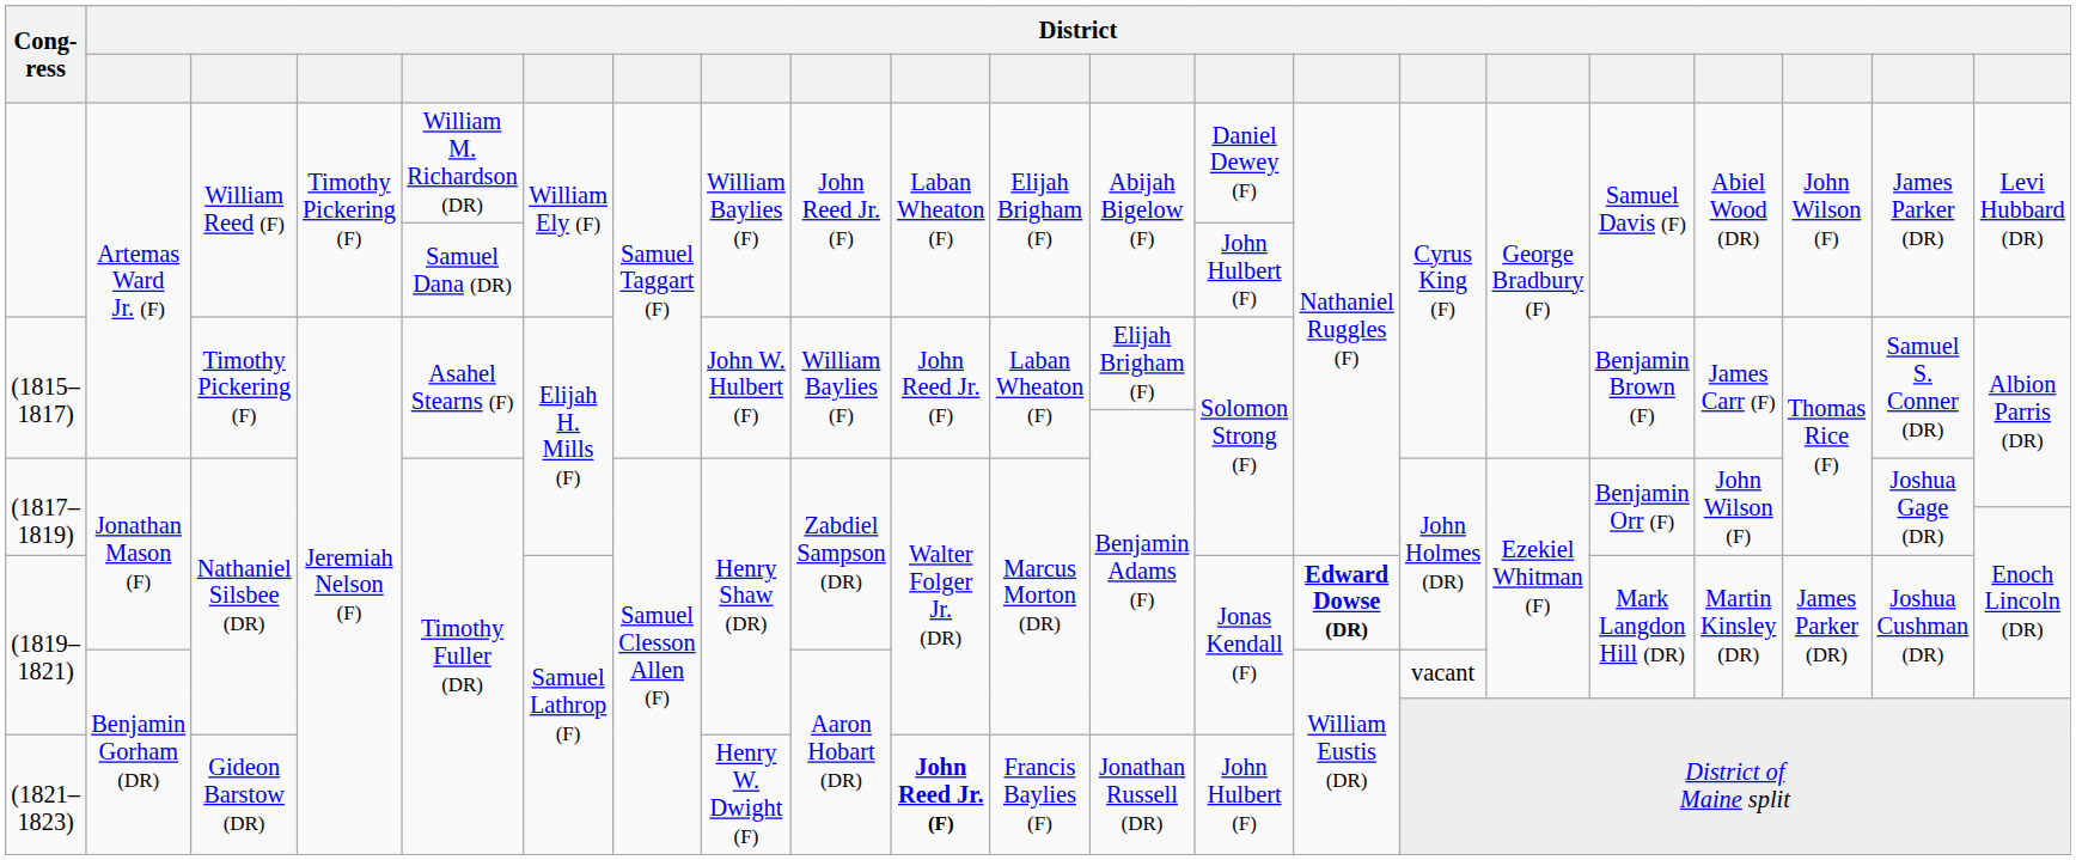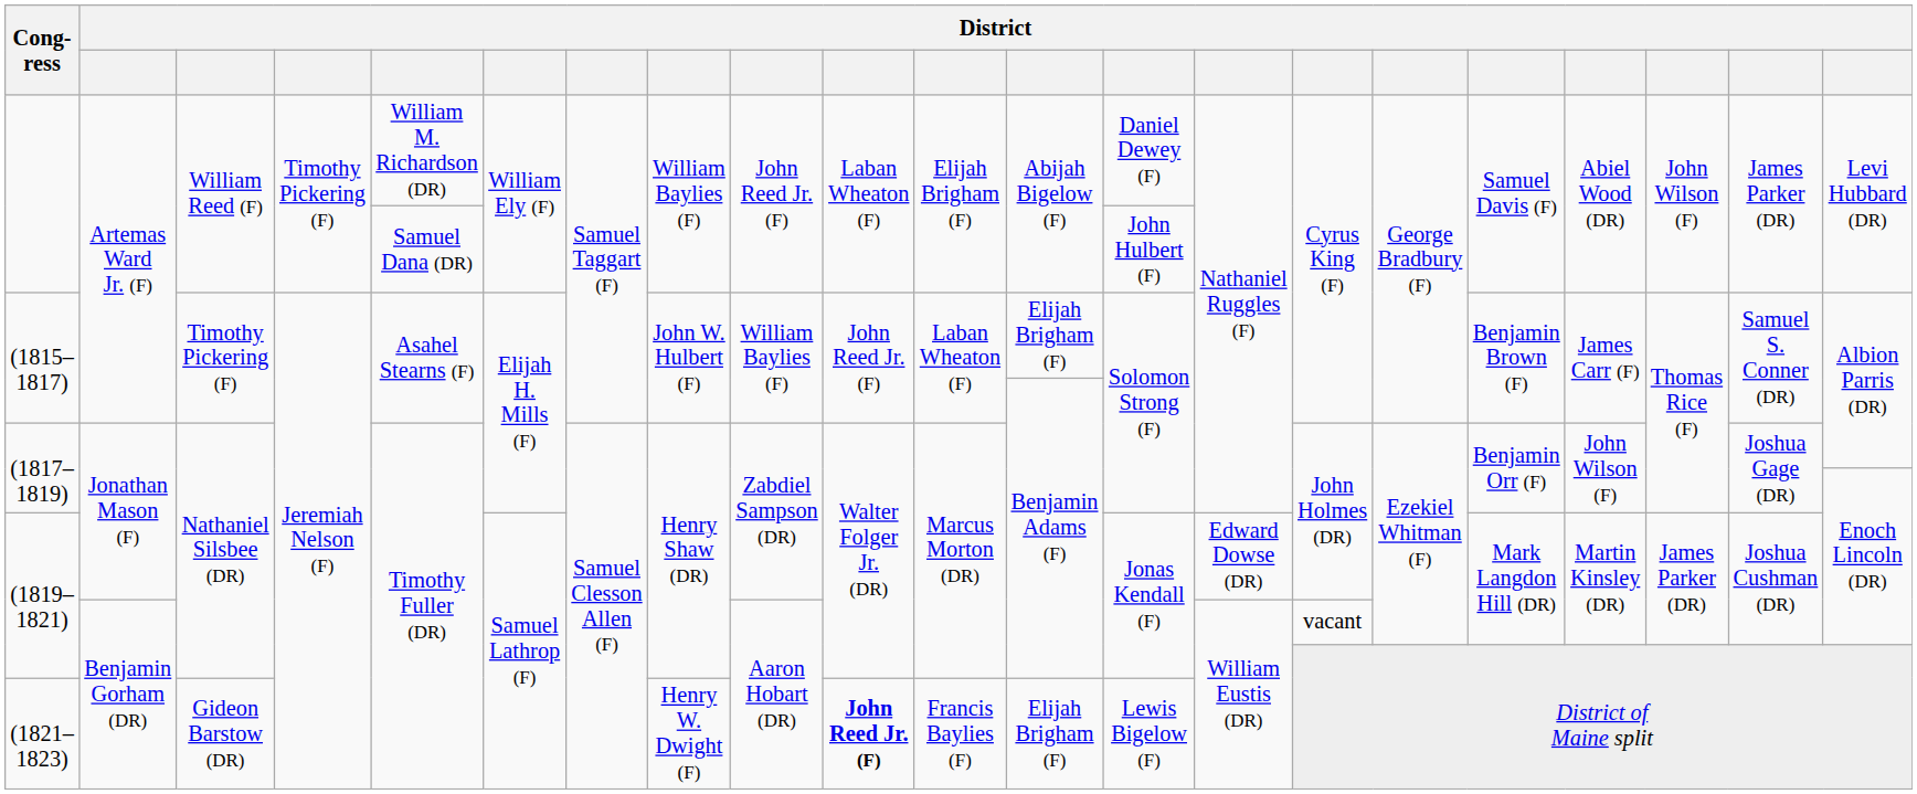 <table class=wikitable style="text-align:center">
 <tr style="height:2em">
 <th rowspan=2>Cong­ress</th>
 <th colspan=20>District</th>
 </tr>
 <tr style="height:2em">
 <th></th>
 <th></th>
 <th></th>
 <th></th>
 <th></th>
 <th></th>
 <th></th>
 <th></th>
 <th></th>
 <th></th>
 <th></th>
 <th></th>
 <th></th>
 <th></th>
 <th></th>
 <th></th>
 <th></th>
 <th></th>
 <th></th>
 <th></th>
 </tr>
 <tr style="height:2em">
 <td scope=row rowspan=2><strong></strong><br></td>
 <td rowspan=4 ><a href='#'>Artemas<br>Ward<br>Jr.</a> <small>(F)</small></td>
 <td rowspan=2 ><a href='#'>William<br>Reed</a> <small>(F)</small></td>
 <td rowspan=2 ><a href='#'>Timothy<br>Pickering</a><br><small>(F)</small></td>
 <td><a href='#'>William M.<br>Richardson</a> <small>(DR)</small></td>
 <td rowspan=2 ><a href='#'>William<br>Ely</a> <small>(F)</small></td>
 <td rowspan=4 ><a href='#'>Samuel<br>Taggart</a><br><small>(F)</small></td>
 <td rowspan=2 ><a href='#'>William<br>Baylies</a><br><small>(F)</small></td>
 <td rowspan=2 ><a href='#'>John<br>Reed Jr.</a><br><small>(F)</small></td>
 <td rowspan=2 ><a href='#'>Laban<br>Wheaton</a><br><small>(F)</small></td>
 <td rowspan=2 ><a href='#'>Elijah<br>Brigham</a><br><small>(F)</small></td>
 <td rowspan=2 ><a href='#'>Abijah<br>Bigelow</a><br><small>(F)</small></td>
 <td><a href='#'>Daniel<br>Dewey</a> <small>(F)</small></td>
 <td rowspan=6 ><a href='#'>Nathaniel<br>Ruggles</a><br><small>(F)</small></td>
 <td rowspan=4 ><a href='#'>Cyrus<br>King</a><br><small>(F)</small></td>
 <td rowspan=4 ><a href='#'>George<br>Bradbury</a><br><small>(F)</small></td>
 <td rowspan=2 ><a href='#'>Samuel<br>Davis</a> <small>(F)</small></td>
 <td rowspan=2 ><a href='#'>Abiel<br>Wood</a><br><small>(DR)</small></td>
 <td rowspan=2 ><a href='#'>John<br>Wilson</a><br><small>(F)</small></td>
 <td rowspan=2 ><a href='#'>James<br>Parker</a><br><small>(DR)</small></td>
 <td rowspan=2 ><a href='#'>Levi<br>Hubbard</a><br><small>(DR)</small></td>
 </tr>
 <tr style="height:2em">
 <td><a href='#'>Samuel Dana</a> <small>(DR)</small></td>
 <td><a href='#'>John Hulbert</a> <small>(F)</small></td>
 </tr>
 <tr style="height:2em">
 <td scope=row rowspan=2><strong></strong><br>(1815–1817)</td>
 <td rowspan=2 ><a href='#'>Timothy<br>Pickering</a> <small>(F)</small></td>
 <td rowspan="8" ><a href='#'>Jeremiah<br>Nelson</a><br><small>(F)</small></td>
 <td rowspan=2 ><a href='#'>Asahel<br>Stearns</a> <small>(F)</small></td>
 <td rowspan=4 ><a href='#'>Elijah H.<br>Mills</a><br><small>(F)</small></td>
 <td rowspan=2 ><a href='#'>John W.<br>Hulbert</a> <small>(F)</small></td>
 <td rowspan=2 ><a href='#'>William<br>Baylies</a> <small>(F)</small></td>
 <td rowspan=2 ><a href='#'>John<br>Reed Jr.</a> <small>(F)</small></td>
 <td rowspan=2 ><a href='#'>Laban<br>Wheaton</a> <small>(F)</small></td>
 <td><a href='#'>Elijah<br>Brigham</a> <small>(F)</small></td>
 <td rowspan=4 ><a href='#'>Solomon<br>Strong</a><br><small>(F)</small></td>
 <td rowspan=2 ><a href='#'>Benjamin<br>Brown</a> <small>(F)</small></td>
 <td rowspan=2 ><a href='#'>James<br>Carr</a> <small>(F)</small></td>
 <td rowspan=4 ><a href='#'>Thomas<br>Rice</a><br><small>(F)</small></td>
 <td rowspan=2 ><a href='#'>Samuel S.<br>Conner</a> <small>(DR)</small></td>
 <td rowspan=3 ><a href='#'>Albion<br>Parris</a><br><small>(DR)</small></td>
 </tr>
 <tr style="height:2em">
 <td rowspan=6 ><a href='#'>Benjamin<br>Adams</a><br><small>(F)</small></td>
 </tr>
 <tr style="height:2em">
 <td scope=row rowspan=2><strong></strong><br>(1817–1819)</td>
 <td rowspan=3 ><a href='#'>Jonathan<br>Mason</a> <small>(F)</small></td>
 <td rowspan=5 ><a href='#'>Nathaniel<br>Silsbee</a><br><small>(DR)</small></td>
 <td rowspan="6" ><a href='#'>Timothy<br>Fuller</a><br><small>(DR)</small></td>
 <td rowspan=6 ><a href='#'>Samuel<br>Clesson<br>Allen</a><br><small>(F)</small></td>
 <td rowspan=5 ><a href='#'>Henry<br>Shaw</a><br><small>(DR)</small></td>
 <td rowspan=3 ><a href='#'>Zabdiel<br>Sampson</a><br><small>(DR)</small></td>
 <td rowspan=5 ><a href='#'>Walter<br>Folger Jr.</a><br><small>(DR)</small></td>
 <td rowspan=5 ><a href='#'>Marcus<br>Morton</a><br><small>(DR)</small></td>
 <td rowspan=3 ><a href='#'>John<br>Holmes</a><br><small>(DR)</small></td>
 <td rowspan=4 ><a href='#'>Ezekiel<br>Whitman</a><br><small>(F)</small></td>
 <td rowspan=2 ><a href='#'>Benjamin<br>Orr</a> <small>(F)</small></td>
 <td rowspan=2 ><a href='#'>John<br>Wilson</a> <small>(F)</small></td>
 <td rowspan=2 ><a href='#'>Joshua<br>Gage</a> <small>(DR)</small></td>
 </tr>
 <tr style="height:2em">
 <td rowspan=3 ><a href='#'>Enoch<br>Lincoln</a><br><small>(DR)</small></td>
 </tr>
 <tr style="height:2em">
 <td scope=row rowspan=3><strong></strong><br>(1819–1821)</td>
 <td rowspan=4 ><a href='#'>Samuel<br>Lathrop</a><br><small>(F)</small></td>
 <td rowspan=3 ><a href='#'>Jonas<br>Kendall</a> <small>(F)</small></td>
-<td><strong><a href='#'>Edward<br>Dowse</a> <small>(DR)</small></strong></td>
+<td><a href='#'>Edward<br>Dowse</a> <small>(DR)</small></td>
 <td rowspan=2 ><a href='#'>Mark Langdon<br>Hill</a> <small>(DR)</small></td>
 <td rowspan=2 ><a href='#'>Martin<br>Kinsley</a> <small>(DR)</small></td>
 <td rowspan=2 ><a href='#'>James<br>Parker</a> <small>(DR)</small></td>
 <td rowspan=2 ><a href='#'>Joshua<br>Cushman</a> <small>(DR)</small></td>
 </tr>
 <tr style="height:2em">
 <td rowspan=3 ><a href='#'>Benjamin<br>Gorham</a><br><small>(DR)</small></td>
 <td rowspan=3 ><a href='#'>Aaron<br>Hobart</a><br><small>(DR)</small></td>
 <td rowspan=3 ><a href='#'>William<br>Eustis</a><br><small>(DR)</small></td>
 <td>vacant</td>
 </tr>
 <tr style="height:1.5em">
 <td colspan="7" rowspan="2" style="background:#eee; padding-top:1em"><em><a href='#'>District of<br>Maine</a> split</em></td>
 </tr>
 <tr style="height:2em">
 <td scope=row><strong></strong><br>(1821–1823)</td>
 <td><a href='#'>Gideon<br>Barstow</a> <small>(DR)</small></td>
 <td><a href='#'>Henry W.<br>Dwight</a> <small>(F)</small></td>
 <td><strong><a href='#'>John<br>Reed Jr.</a> <small>(F)</small></strong></td>
 <td><a href='#'>Francis<br>Baylies</a> <small>(F)</small></td>
-<td><a href='#'>Jonathan<br>Russell</a> <small>(DR)</small></td>
-<td><a href='#'>John Hulbert</a> <small>(F)</small></td>
+<td><a href='#'>Elijah<br>Brigham</a> <small>(F)</small></td>
+<td><a href='#'>Lewis<br>Bigelow</a> <small>(F)</small></td>
 </tr>
 </table>
